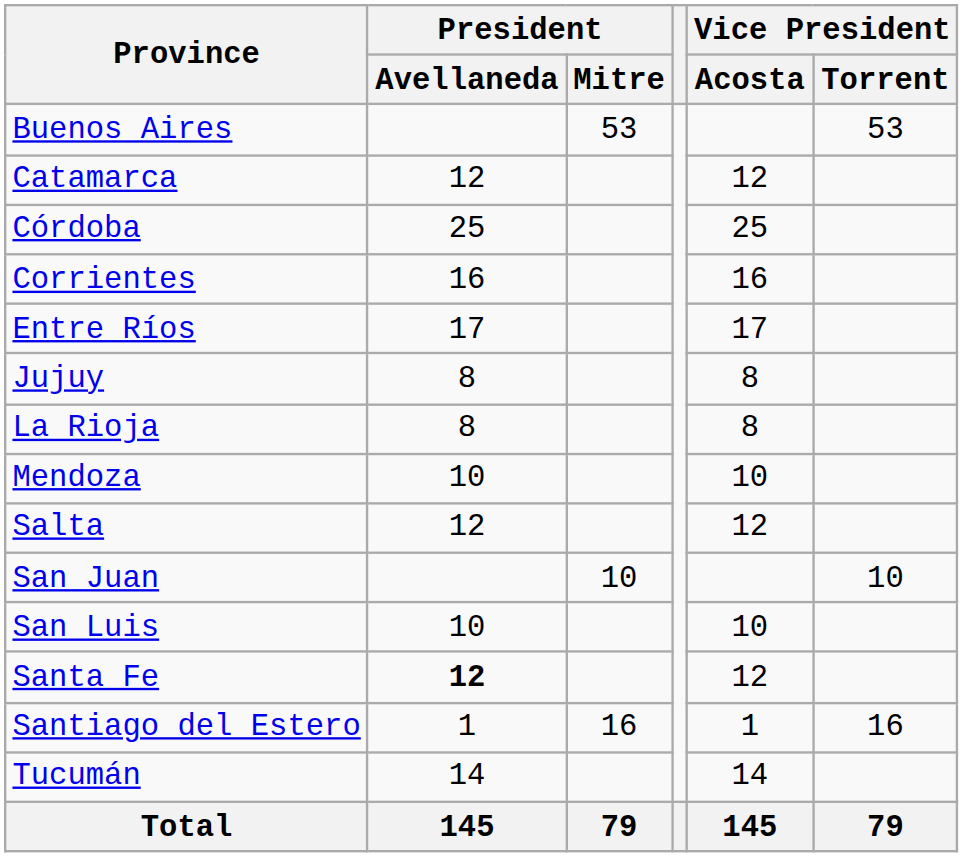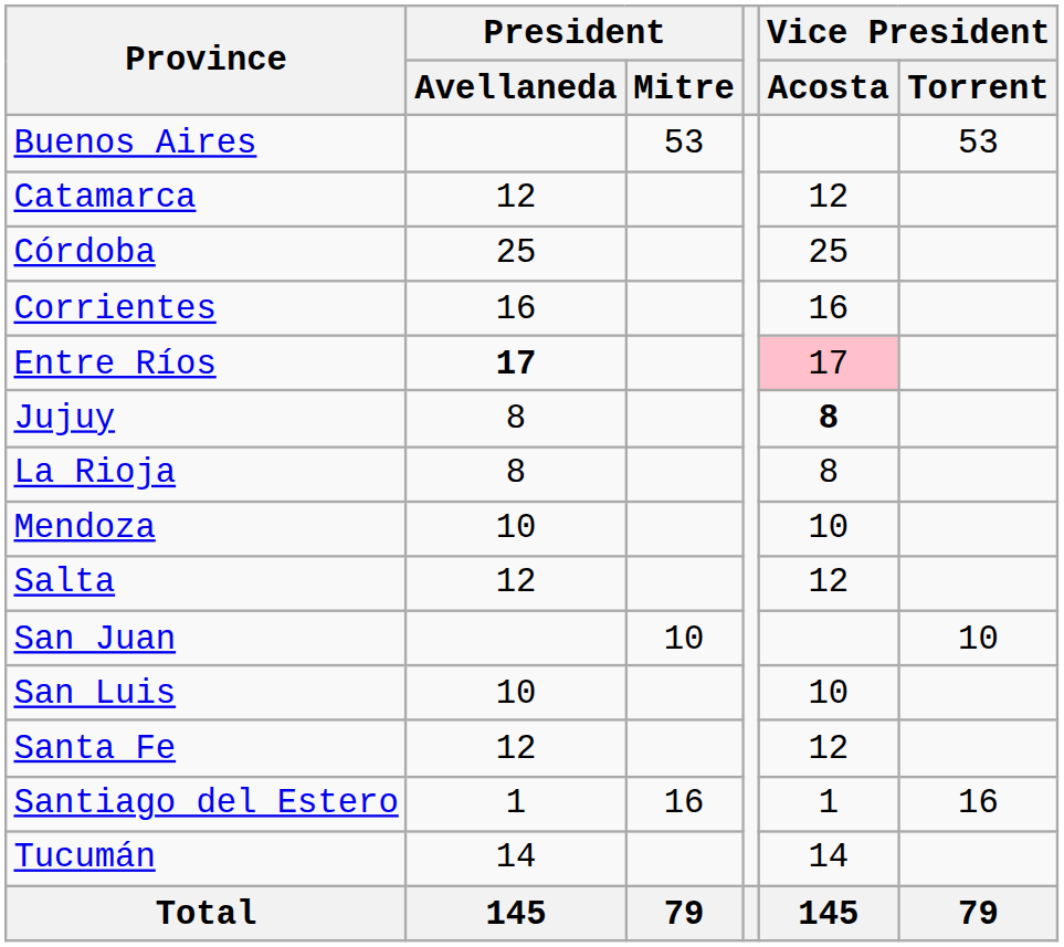 <table class="wikitable" style="text-align:center;">
 <tr>
 <th rowspan=2>Province</th>
 <th colspan=2>President</th>
 <th rowspan=2></th>
 <th colspan=2>Vice President</th>
 </tr>
 <tr>
 <th>Avellaneda</th>
 <th>Mitre</th>
 <th>Acosta</th>
 <th>Torrent</th>
 </tr>
 <tr>
 <td align="left"><a href='#'>Buenos Aires</a></td>
 <td></td>
 <td>53</td>
 <td rowspan=14></td>
 <td></td>
 <td>53</td>
 </tr>
 <tr>
 <td align="left"><a href='#'>Catamarca</a></td>
 <td>12</td>
 <td></td>
 <td>12</td>
 <td></td>
 </tr>
 <tr>
 <td align="left"><a href='#'>Córdoba</a></td>
 <td>25</td>
 <td></td>
 <td>25</td>
 <td></td>
 </tr>
 <tr>
 <td align="left"><a href='#'>Corrientes</a></td>
 <td>16</td>
 <td></td>
 <td>16</td>
 <td></td>
 </tr>
 <tr>
 <td align="left"><a href='#'>Entre Ríos</a></td>
-<td>17</td>
+<td><strong>17</strong></td>
 <td></td>
-<td>17</td>
+<td style="background: pink;">17</td>
 <td></td>
 </tr>
 <tr>
 <td align="left"><a href='#'>Jujuy</a></td>
 <td>8</td>
 <td></td>
-<td>8</td>
+<td><strong>8</strong></td>
 <td></td>
 </tr>
 <tr>
 <td align="left"><a href='#'>La Rioja</a></td>
 <td>8</td>
 <td></td>
 <td>8</td>
 <td></td>
 </tr>
 <tr>
 <td align="left"><a href='#'>Mendoza</a></td>
 <td>10</td>
 <td></td>
 <td>10</td>
 <td></td>
 </tr>
 <tr>
 <td align="left"><a href='#'>Salta</a></td>
 <td>12</td>
 <td></td>
 <td>12</td>
 <td></td>
 </tr>
 <tr>
 <td align="left"><a href='#'>San Juan</a></td>
 <td></td>
 <td>10</td>
 <td></td>
 <td>10</td>
 </tr>
 <tr>
 <td align="left"><a href='#'>San Luis</a></td>
 <td>10</td>
 <td></td>
 <td>10</td>
 <td></td>
 </tr>
 <tr>
 <td align="left"><a href='#'>Santa Fe</a></td>
-<td><strong>12</strong></td>
+<td>12</td>
 <td></td>
 <td>12</td>
 <td></td>
 </tr>
 <tr>
 <td align="left"><a href='#'>Santiago del Estero</a></td>
 <td>1</td>
 <td>16</td>
 <td>1</td>
 <td>16</td>
 </tr>
 <tr>
 <td align="left"><a href='#'>Tucumán</a></td>
 <td>14</td>
 <td></td>
 <td>14</td>
 <td></td>
 </tr>
 <tr>
 <th>Total</th>
 <th>145</th>
 <th>79</th>
 <th></th>
 <th>145</th>
 <th>79</th>
 </tr>
 </table>
